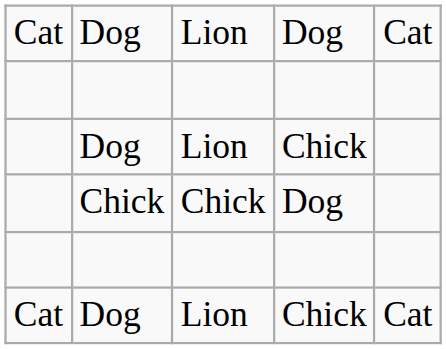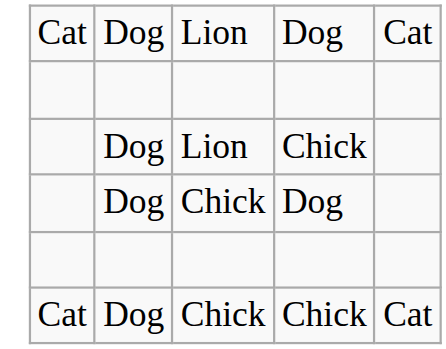 <table class=wikitable align=right>
 <tr>
 <td>Cat</td>
 <td>Dog</td>
 <td>Lion</td>
 <td>Dog</td>
 <td>Cat</td>
 </tr>
 <tr>
 <td> </td>
 <td></td>
 <td></td>
 <td></td>
 <td></td>
 </tr>
 <tr>
 <td></td>
 <td>Dog</td>
 <td>Lion</td>
 <td>Chick</td>
 <td></td>
 </tr>
 <tr>
 <td></td>
-<td>Chick</td>
+<td>Dog</td>
 <td>Chick</td>
 <td>Dog</td>
 <td></td>
 </tr>
 <tr>
 <td> </td>
 <td></td>
 <td></td>
 <td></td>
 <td></td>
 </tr>
 <tr>
 <td>Cat</td>
 <td>Dog</td>
-<td>Lion</td>
+<td>Chick</td>
 <td>Chick</td>
 <td>Cat</td>
 </tr>
 </table>
